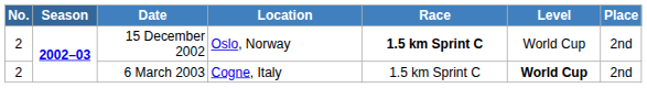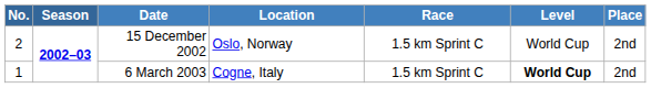 <table class="wikitable sortable" style="font-size:95%; text-align:center; border:grey solid 1px; border-collapse:collapse; background:#ffffff;">
 <tr style="background:#efefef;">
 <th style="background-color:#369; color:white;">No.</th>
 <th style="background-color:#369; color:white;">Season</th>
 <th style="background-color:#4180be; color:white; width:120px;">Date</th>
 <th style="background-color:#4180be; color:white; width:170px;">Location</th>
 <th style="background-color:#4180be; color:white; width:160px;">Race</th>
 <th style="background-color:#4180be; color:white; width:100px;">Level</th>
 <th style="background-color:#4180be; color:white;">Place</th>
 </tr>
 <tr>
 <td align=center>2</td>
 <td rowspan=2 align=center><strong> <a href='#'>2002–03</a> </strong></td>
 <td align=right>15 December 2002</td>
 <td align=left> <a href='#'>Oslo</a>, Norway</td>
-<td><strong>1.5 km Sprint C</strong></td>
+<td>1.5 km Sprint C</td>
 <td>World Cup</td>
 <td>2nd</td>
 </tr>
 <tr>
-<td align=center>2</td>
+<td align=center>1</td>
 <td align=right>6 March 2003</td>
 <td align=left> <a href='#'>Cogne</a>, Italy</td>
 <td>1.5 km Sprint C</td>
 <td><strong>World Cup</strong></td>
 <td>2nd</td>
 </tr>
 </table>
